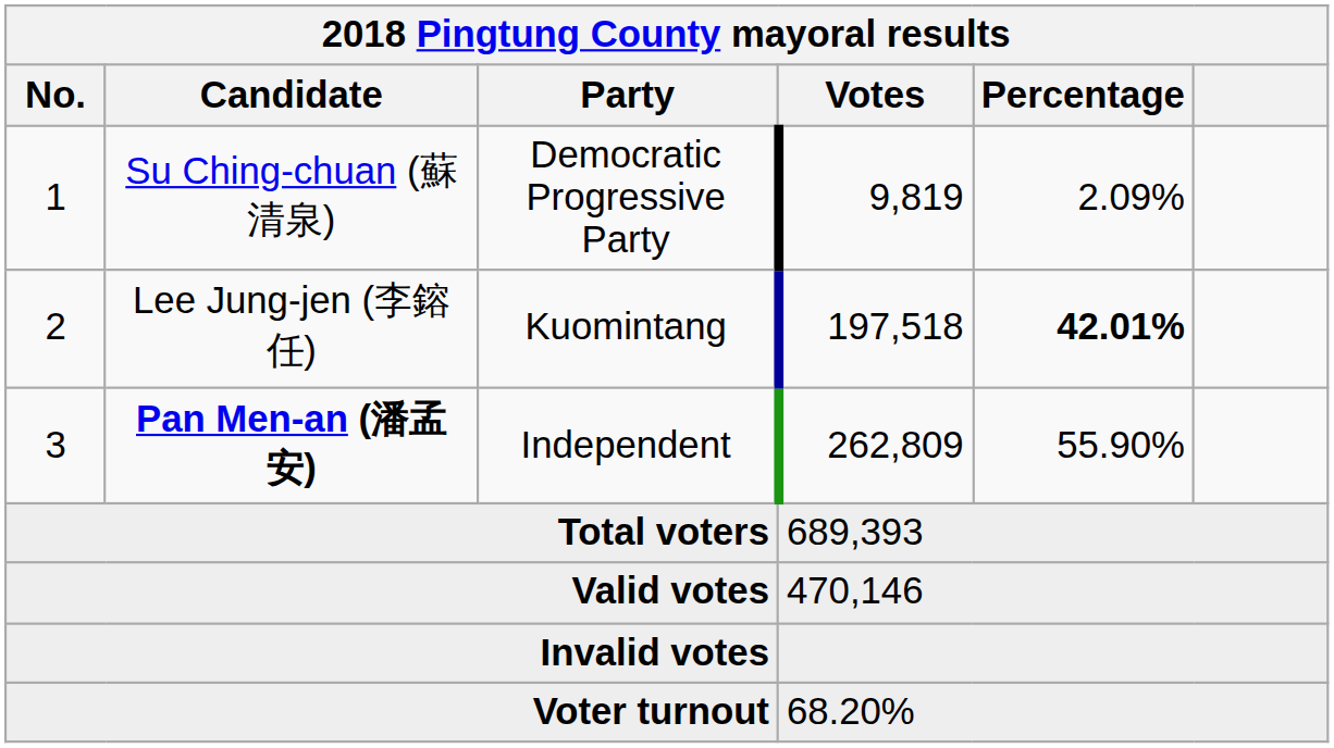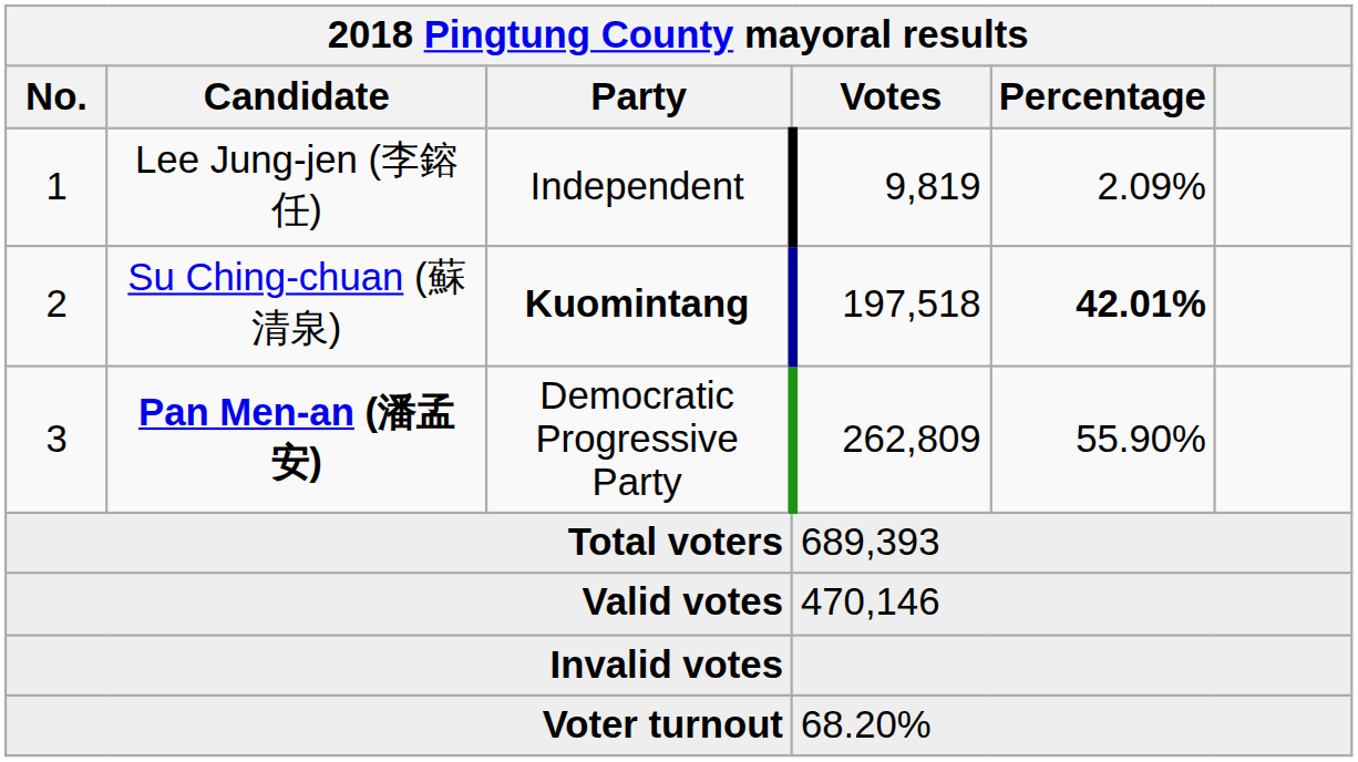 <table class="wikitable collapsible" style="text-align:center">
 <tr>
 <th colspan="6">2018 <a href='#'>Pingtung County</a> mayoral results</th>
 </tr>
 <tr>
 <th width=35>No.</th>
 <th width=150>Candidate</th>
 <th width=120>Party</th>
 <th width=75>Votes</th>
 <th width=75>Percentage</th>
 <th width=49></th>
 </tr>
 <tr>
 <td>1</td>
-<td><a href='#'>Su Ching-chuan</a> (蘇清泉)</td>
-<td> Democratic Progressive Party</td>
+<td>Lee Jung-jen (李鎔任)</td>
+<td> Independent</td>
 <td style="border-left:4px solid #000000;" align="right">9,819</td>
 <td align="right">2.09%</td>
 <td align="center"></td>
 </tr>
 <tr>
 <td>2</td>
-<td>Lee Jung-jen (李鎔任)</td>
-<td> Kuomintang</td>
+<td><a href='#'>Su Ching-chuan</a> (蘇清泉)</td>
+<td><strong> Kuomintang</strong></td>
 <td style="border-left:4px solid #000099;" align="right">197,518</td>
 <td align="right"><strong>42.01%</strong></td>
 <td align="center"></td>
 </tr>
 <tr>
 <td>3</td>
 <td><strong><a href='#'>Pan Men-an</a> (潘孟安)</strong></td>
-<td> Independent</td>
+<td> Democratic Progressive Party</td>
 <td style="border-left:4px solid #1B9413;" align="right">262,809</td>
 <td align="right">55.90%</td>
 <td align="center"></td>
 </tr>
 <tr bgcolor=EEEEEE>
 <td colspan="3" align="right"><strong>Total voters</strong></td>
 <td colspan="3" align="left">689,393</td>
 </tr>
 <tr bgcolor=EEEEEE>
 <td colspan="3" align="right"><strong>Valid votes</strong></td>
 <td colspan="3" align="left">470,146</td>
 </tr>
 <tr bgcolor=EEEEEE>
 <td colspan="3" align="right"><strong>Invalid votes</strong></td>
 <td colspan="3" align="left"></td>
 </tr>
 <tr bgcolor=EEEEEE>
 <td colspan="3" align="right"><strong>Voter turnout</strong></td>
 <td colspan="3" align="left">68.20%</td>
 </tr>
 </table>
